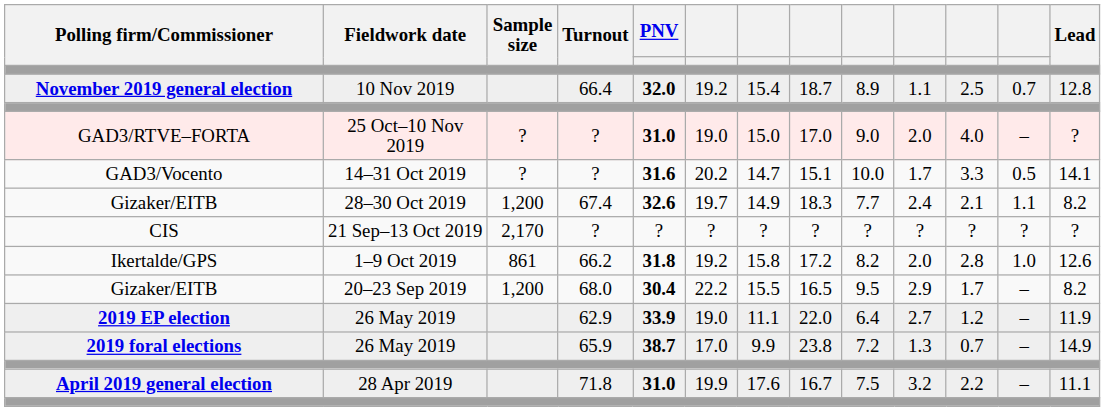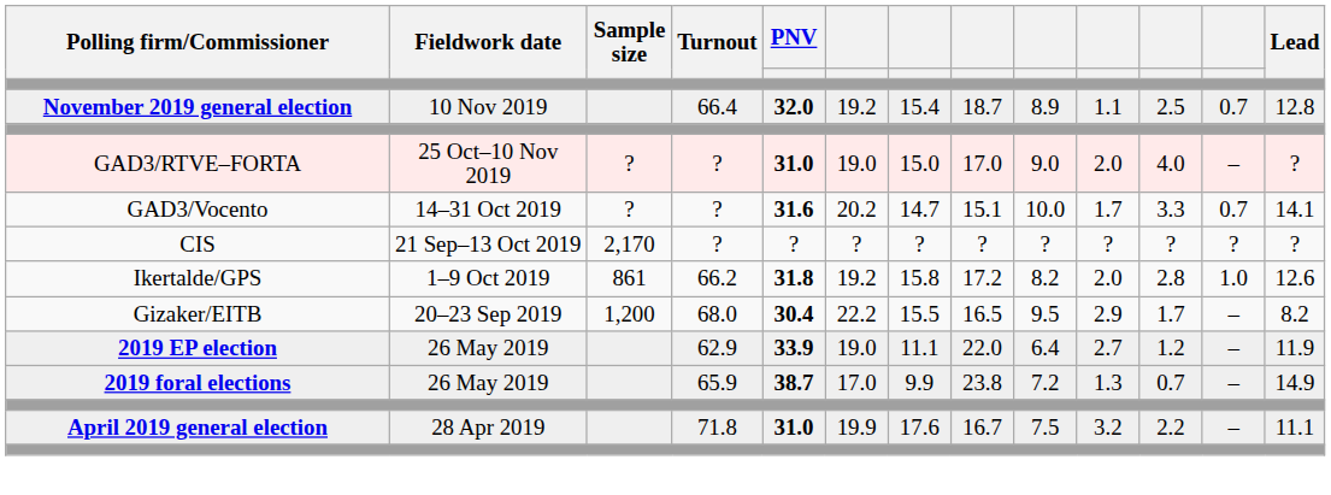 <table class="wikitable collapsible collapsed" style="text-align:center; font-size:95%; line-height:16px;">
 <tr style="height:42px;">
 <th style="width:250px;" rowspan="2">Polling firm/Commissioner</th>
 <th style="width:125px;" rowspan="2">Fieldwork date</th>
 <th style="width:50px;" rowspan="2">Sample size</th>
 <th style="width:45px;" rowspan="2">Turnout</th>
 <th style="width:35px;"><a href='#'>PNV</a></th>
 <th style="width:35px;"></th>
 <th style="width:35px;"></th>
 <th style="width:35px;"></th>
 <th style="width:35px;"></th>
 <th style="width:35px;"></th>
 <th style="width:35px;"></th>
 <th style="width:35px;"></th>
 <th style="width:30px;" rowspan="2">Lead</th>
 </tr>
 <tr>
 <th style="color:inherit;background:"></th>
 <th style="color:inherit;background:"></th>
 <th style="color:inherit;background:"></th>
 <th style="color:inherit;background:"></th>
 <th style="color:inherit;background:"></th>
 <th style="color:inherit;background:"></th>
 <th style="color:inherit;background:"></th>
 <th style="color:inherit;background:"></th>
 </tr>
 <tr>
 <td colspan="13" style="background:#A0A0A0"></td>
 </tr>
 <tr style="background:#EFEFEF;">
 <td><strong><a href='#'>November 2019 general election</a></strong></td>
 <td>10 Nov 2019</td>
 <td></td>
 <td>66.4</td>
 <td><strong>32.0</strong><br></td>
 <td>19.2<br></td>
 <td>15.4<br></td>
 <td>18.7<br></td>
 <td>8.9<br></td>
 <td>1.1<br></td>
 <td>2.5<br></td>
 <td>0.7<br></td>
 <td style="background:">12.8</td>
 </tr>
 <tr>
 <td colspan="13" style="background:#A0A0A0"></td>
 </tr>
 <tr style="background:#FFEAEA;">
 <td>GAD3/RTVE–FORTA</td>
 <td>25 Oct–10 Nov 2019</td>
 <td>?</td>
 <td>?</td>
 <td><strong>31.0</strong><br></td>
 <td>19.0<br></td>
 <td>15.0<br></td>
 <td>17.0<br></td>
 <td>9.0<br></td>
 <td>2.0<br></td>
 <td>4.0<br></td>
 <td>–</td>
 <td style="background:">?</td>
 </tr>
 <tr>
 <td>GAD3/Vocento</td>
 <td>14–31 Oct 2019</td>
 <td>?</td>
 <td>?</td>
 <td><strong>31.6</strong><br></td>
 <td>20.2<br></td>
 <td>14.7<br></td>
 <td>15.1<br></td>
 <td>10.0<br></td>
 <td>1.7<br></td>
 <td>3.3<br></td>
-<td>0.5<br></td>
+<td>0.7<br></td>
 <td style="background:">14.1</td>
-</tr>
-<tr>
-<td>Gizaker/EITB</td>
-<td>28–30 Oct 2019</td>
-<td>1,200</td>
-<td>67.4</td>
-<td><strong>32.6</strong><br></td>
-<td>19.7<br></td>
-<td>14.9<br></td>
-<td>18.3<br></td>
-<td>7.7<br></td>
-<td>2.4<br></td>
-<td>2.1<br></td>
-<td>1.1<br></td>
-<td style="background:">8.2</td>
 </tr>
 <tr>
 <td>CIS</td>
 <td>21 Sep–13 Oct 2019</td>
 <td>2,170</td>
 <td>?</td>
 <td>?<br></td>
 <td>?<br></td>
 <td>?<br></td>
 <td>?<br></td>
 <td>?<br></td>
 <td>?<br></td>
 <td>?<br></td>
 <td>?<br></td>
 <td style="background:">?</td>
 </tr>
 <tr>
 <td>Ikertalde/GPS</td>
 <td>1–9 Oct 2019</td>
 <td>861</td>
 <td>66.2</td>
 <td><strong>31.8</strong><br></td>
 <td>19.2<br></td>
 <td>15.8<br></td>
 <td>17.2<br></td>
 <td>8.2<br></td>
 <td>2.0<br></td>
 <td>2.8<br></td>
 <td>1.0<br></td>
 <td style="background:">12.6</td>
 </tr>
 <tr>
 <td>Gizaker/EITB</td>
 <td>20–23 Sep 2019</td>
 <td>1,200</td>
 <td>68.0</td>
 <td><strong>30.4</strong><br></td>
 <td>22.2<br></td>
 <td>15.5<br></td>
 <td>16.5<br></td>
 <td>9.5<br></td>
 <td>2.9<br></td>
 <td>1.7<br></td>
 <td>–</td>
 <td style="background:">8.2</td>
 </tr>
 <tr style="background:#EFEFEF;">
 <td><strong><a href='#'>2019 EP election</a></strong></td>
 <td>26 May 2019</td>
 <td></td>
 <td>62.9</td>
 <td><strong>33.9</strong><br></td>
 <td>19.0<br></td>
 <td>11.1<br></td>
 <td>22.0<br></td>
 <td>6.4<br></td>
 <td>2.7<br></td>
 <td>1.2<br></td>
 <td>–</td>
 <td style="background:">11.9</td>
 </tr>
 <tr style="background:#EFEFEF;">
 <td><strong><a href='#'>2019 foral elections</a></strong></td>
 <td>26 May 2019</td>
 <td></td>
 <td>65.9</td>
 <td><strong>38.7</strong><br></td>
 <td>17.0<br></td>
 <td>9.9<br></td>
 <td>23.8<br></td>
 <td>7.2<br></td>
 <td>1.3<br></td>
 <td>0.7<br></td>
 <td>–</td>
 <td style="background:">14.9</td>
 </tr>
 <tr>
 <td colspan="13" style="background:#A0A0A0"></td>
 </tr>
 <tr style="background:#EFEFEF;">
 <td><strong><a href='#'>April 2019 general election</a></strong></td>
 <td>28 Apr 2019</td>
 <td></td>
 <td>71.8</td>
 <td><strong>31.0</strong><br></td>
 <td>19.9<br></td>
 <td>17.6<br></td>
 <td>16.7<br></td>
 <td>7.5<br></td>
 <td>3.2<br></td>
 <td>2.2<br></td>
 <td>–</td>
 <td style="background:">11.1</td>
 </tr>
 <tr>
 <td colspan="13" style="background:#A0A0A0"></td>
 </tr>
 </table>
